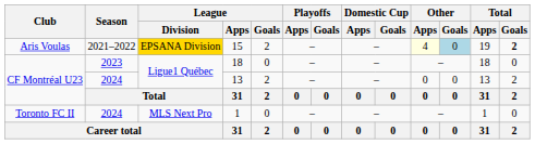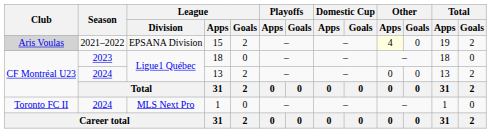 <table class="wikitable" style="text-align: center">
 <tr>
 <th rowspan="2">Club</th>
 <th rowspan="2">Season</th>
 <th colspan="3">League</th>
 <th colspan="2">Playoffs</th>
 <th colspan="2">Domestic Cup</th>
 <th colspan="2">Other</th>
 <th colspan="2">Total</th>
 </tr>
 <tr>
 <th>Division</th>
 <th>Apps</th>
 <th>Goals</th>
 <th>Apps</th>
 <th>Goals</th>
 <th>Apps</th>
 <th>Goals</th>
 <th>Apps</th>
 <th>Goals</th>
 <th>Apps</th>
 <th>Goals</th>
 </tr>
 <tr>
-<td><a href='#'>Aris Voulas</a></td>
+<td style="background: lightgrey;"><a href='#'>Aris Voulas</a></td>
 <td>2021–2022</td>
-<td style="background: gold;">EPSANA Division</td>
+<td>EPSANA Division</td>
 <td>15</td>
 <td>2</td>
 <td colspan="2">–</td>
 <td colspan="2">–</td>
 <td style="background: lightyellow;">4</td>
-<td style="background: lightblue;">0</td>
+<td>0</td>
 <td>19</td>
-<td><strong>2</strong></td>
+<td>2</td>
 </tr>
 <tr>
 <td rowspan=3><a href='#'>CF Montréal U23</a></td>
 <td><a href='#'>2023</a></td>
 <td rowspan=2><a href='#'>Ligue1 Québec</a></td>
 <td>18</td>
 <td>0</td>
 <td colspan="2">–</td>
 <td colspan="2">–</td>
 <td colspan="2">–</td>
 <td>18</td>
 <td>0</td>
 </tr>
 <tr>
 <td><a href='#'>2024</a></td>
 <td>13</td>
 <td>2</td>
 <td colspan="2">–</td>
 <td colspan="2">–</td>
 <td>0</td>
 <td>0</td>
 <td>13</td>
 <td>2</td>
 </tr>
 <tr>
 <th colspan="2"><strong>Total</strong></th>
 <th>31</th>
 <th>2</th>
 <th>0</th>
 <th>0</th>
 <th>0</th>
 <th>0</th>
 <th>0</th>
 <th>0</th>
 <th>31</th>
 <th>2</th>
 </tr>
 <tr>
 <td><a href='#'>Toronto FC II</a></td>
 <td><a href='#'>2024</a></td>
 <td><a href='#'>MLS Next Pro</a></td>
 <td>1</td>
 <td>0</td>
 <td colspan="2">–</td>
 <td colspan="2">–</td>
 <td colspan="2">–</td>
 <td>1</td>
 <td>0</td>
 </tr>
 <tr>
 <th colspan="3"><strong>Career total</strong></th>
 <th>31</th>
 <th>2</th>
 <th>0</th>
 <th>0</th>
 <th>0</th>
 <th>0</th>
 <th>0</th>
 <th>0</th>
 <th>31</th>
 <th>2</th>
 </tr>
 </table>
